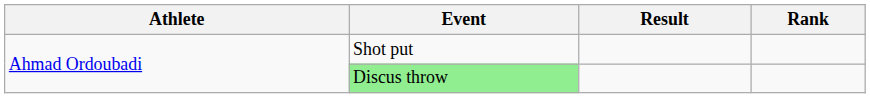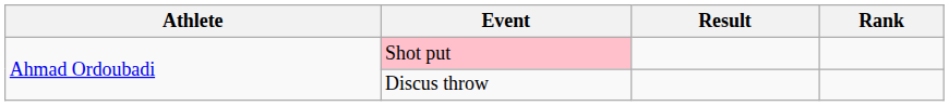 <table class="wikitable" width="55%" style="text-align:center; font-size:90%">
 <tr>
 <th width="30%">Athlete</th>
 <th width="20%">Event</th>
 <th width="15%">Result</th>
 <th width="10%">Rank</th>
 </tr>
 <tr>
 <td rowspan=2 align="left"><a href='#'>Ahmad Ordoubadi</a></td>
-<td align="left">Shot put</td>
+<td align="left" style="background: pink;">Shot put</td>
 <td></td>
 <td><strong></strong></td>
 </tr>
 <tr>
-<td align="left" style="background: lightgreen;">Discus throw</td>
+<td align="left">Discus throw</td>
 <td></td>
 <td><strong></strong></td>
 </tr>
 </table>
